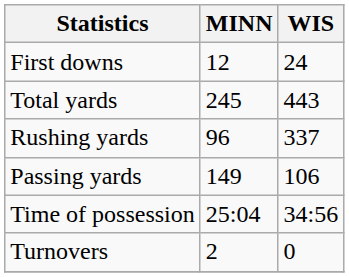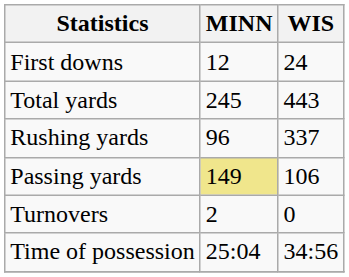 <table class="wikitable" style="float: left;">
 <tr>
 <th>Statistics</th>
 <th>MINN</th>
 <th>WIS</th>
 </tr>
 <tr>
 <td>First downs</td>
 <td>12</td>
 <td>24</td>
 </tr>
 <tr>
 <td>Total yards</td>
 <td>245</td>
 <td>443</td>
 </tr>
 <tr>
 <td>Rushing yards</td>
 <td>96</td>
 <td>337</td>
 </tr>
 <tr>
 <td>Passing yards</td>
-<td>149</td>
+<td style="background: khaki;">149</td>
 <td>106</td>
+</tr>
+<tr>
+<td>Turnovers</td>
+<td>2</td>
+<td>0</td>
 </tr>
 <tr>
 <td>Time of possession</td>
 <td>25:04</td>
 <td>34:56</td>
 </tr>
 <tr>
-<td>Turnovers</td>
-<td>2</td>
-<td>0</td>
-</tr>
-<tr>
 </tr>
 </table>
